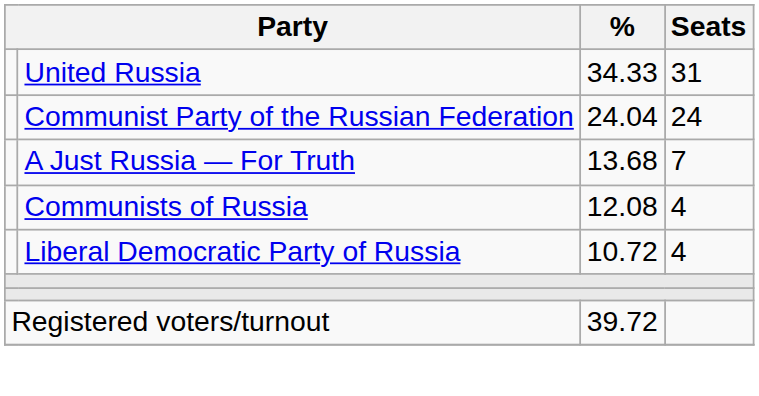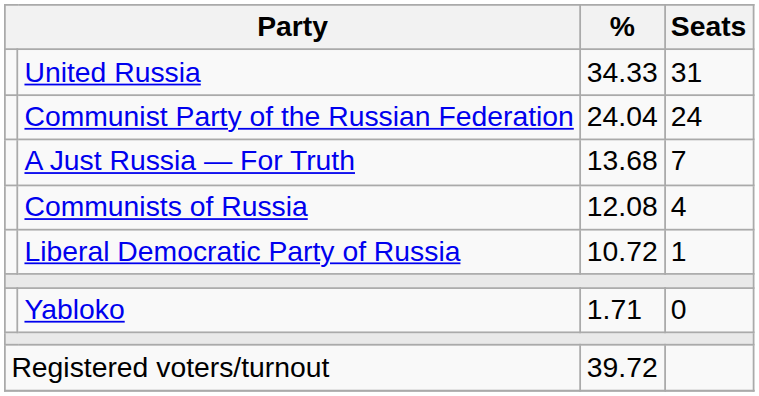 <table class="wikitable">
 <tr>
 <th colspan=2>Party</th>
 <th>%</th>
 <th>Seats</th>
 </tr>
 <tr>
 <td style="background:"></td>
 <td><a href='#'>United Russia</a></td>
 <td>34.33</td>
 <td>31</td>
 </tr>
 <tr>
 <td style="background:"></td>
 <td><a href='#'>Communist Party of the Russian Federation</a></td>
 <td>24.04</td>
 <td>24</td>
 </tr>
 <tr>
 <td style="background:"></td>
 <td><a href='#'>A Just Russia — For Truth</a></td>
 <td>13.68</td>
 <td>7</td>
 </tr>
 <tr>
 <td style="background:"></td>
 <td><a href='#'>Communists of Russia</a></td>
 <td>12.08</td>
 <td>4</td>
 </tr>
 <tr>
 <td style="background:"></td>
 <td><a href='#'>Liberal Democratic Party of Russia</a></td>
 <td>10.72</td>
-<td>4</td>
+<td>1</td>
 </tr>
 <tr>
 <td colspan=4 style="background:#E9E9E9;"></td>
+</tr>
+<tr>
+<td style="background:"></td>
+<td><a href='#'>Yabloko</a></td>
+<td>1.71</td>
+<td>0</td>
 </tr>
 <tr>
 <td colspan=4 style="background:#E9E9E9;"></td>
 </tr>
 <tr>
 <td align=left colspan=2>Registered voters/turnout</td>
 <td>39.72</td>
 <td></td>
 </tr>
 <tr>
 </tr>
 </table>
